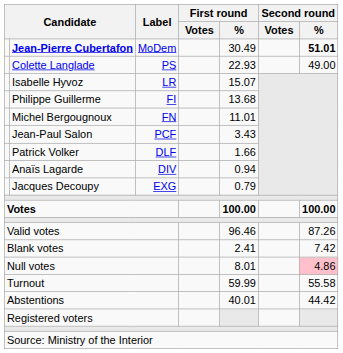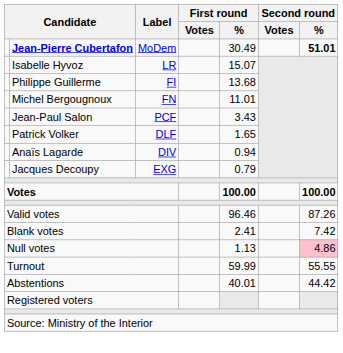 <table class="wikitable" style="text-align:right;font-size:95%;">
 <tr>
 <th rowspan="2" colspan="2">Candidate</th>
 <th rowspan="2">Label</th>
 <th colspan="2">First round</th>
 <th colspan="2">Second round</th>
 </tr>
 <tr>
 <th style="width:50px;">Votes</th>
 <th style="width:45px;">%</th>
 <th style="width:50px;">Votes</th>
 <th style="width:45px;">%</th>
 </tr>
 <tr>
 <td style="color:inherit;background:"></td>
 <td style="text-align:left;"><strong><a href='#'>Jean-Pierre Cubertafon</a></strong></td>
 <td><a href='#'>MoDem</a></td>
 <td></td>
 <td>30.49</td>
 <td><strong></strong></td>
 <td><strong>51.01</strong></td>
-</tr>
-<tr>
-<td style="color:inherit;background:"></td>
-<td style="text-align:left;"><a href='#'>Colette Langlade</a></td>
-<td><a href='#'>PS</a></td>
-<td></td>
-<td>22.93</td>
-<td></td>
-<td>49.00</td>
 </tr>
 <tr>
 <td style="color:inherit;background:"></td>
 <td style="text-align:left;">Isabelle Hyvoz</td>
 <td><a href='#'>LR</a></td>
 <td></td>
 <td>15.07</td>
 <td colspan="2" rowspan="7" style="background:#E9E9E9;"></td>
 </tr>
 <tr>
 <td style="color:inherit;background:"></td>
 <td style="text-align:left;">Philippe Guillerme</td>
 <td><a href='#'>FI</a></td>
 <td></td>
 <td>13.68</td>
 </tr>
 <tr>
 <td style="color:inherit;background:"></td>
 <td style="text-align:left;">Michel Bergougnoux</td>
 <td><a href='#'>FN</a></td>
 <td></td>
 <td>11.01</td>
 </tr>
 <tr>
 <td style="color:inherit;background:"></td>
 <td style="text-align:left;">Jean-Paul Salon</td>
 <td><a href='#'>PCF</a></td>
 <td></td>
 <td>3.43</td>
 </tr>
 <tr>
 <td style="color:inherit;background:"></td>
 <td style="text-align:left;">Patrick Volker</td>
 <td><a href='#'>DLF</a></td>
 <td></td>
-<td>1.66</td>
+<td>1.65</td>
 </tr>
 <tr>
 <td style="color:inherit;background:"></td>
 <td style="text-align:left;">Anaïs Lagarde</td>
 <td><a href='#'>DIV</a></td>
 <td></td>
 <td>0.94</td>
 </tr>
 <tr>
 <td style="color:inherit;background:"></td>
 <td style="text-align:left;">Jacques Decoupy</td>
 <td><a href='#'>EXG</a></td>
 <td></td>
 <td>0.79</td>
 </tr>
 <tr>
 <td colspan="7" style="background:#E9E9E9;"></td>
 </tr>
 <tr style="font-weight:bold;">
 <td colspan="3" style="text-align:left;">Votes</td>
 <td></td>
 <td>100.00</td>
 <td></td>
 <td>100.00</td>
 </tr>
 <tr>
 <td colspan="7" style="background:#E9E9E9;"></td>
 </tr>
 <tr>
 <td colspan="3" style="text-align:left;">Valid votes</td>
 <td></td>
 <td>96.46</td>
 <td></td>
 <td>87.26</td>
 </tr>
 <tr>
 <td colspan="3" style="text-align:left;">Blank votes</td>
 <td></td>
 <td>2.41</td>
 <td></td>
 <td>7.42</td>
 </tr>
 <tr>
 <td colspan="3" style="text-align:left;">Null votes</td>
 <td></td>
-<td>8.01</td>
+<td>1.13</td>
 <td></td>
 <td style="background: pink;">4.86</td>
 </tr>
 <tr>
 <td colspan="3" style="text-align:left;">Turnout</td>
 <td></td>
 <td>59.99</td>
 <td></td>
-<td>55.58</td>
+<td>55.55</td>
 </tr>
 <tr>
 <td colspan="3" style="text-align:left;">Abstentions</td>
 <td></td>
 <td>40.01</td>
 <td></td>
 <td>44.42</td>
 </tr>
 <tr>
 <td colspan="3" style="text-align:left;">Registered voters</td>
 <td></td>
 <td style="color:inherit;background:#E9E9E9;"></td>
 <td></td>
 <td style="color:inherit;background:#E9E9E9;"></td>
 </tr>
 <tr>
 <td colspan="7" style="background:#E9E9E9;"></td>
 </tr>
 <tr>
 <td colspan="7" style="text-align:left;">Source: Ministry of the Interior</td>
 </tr>
 </table>
